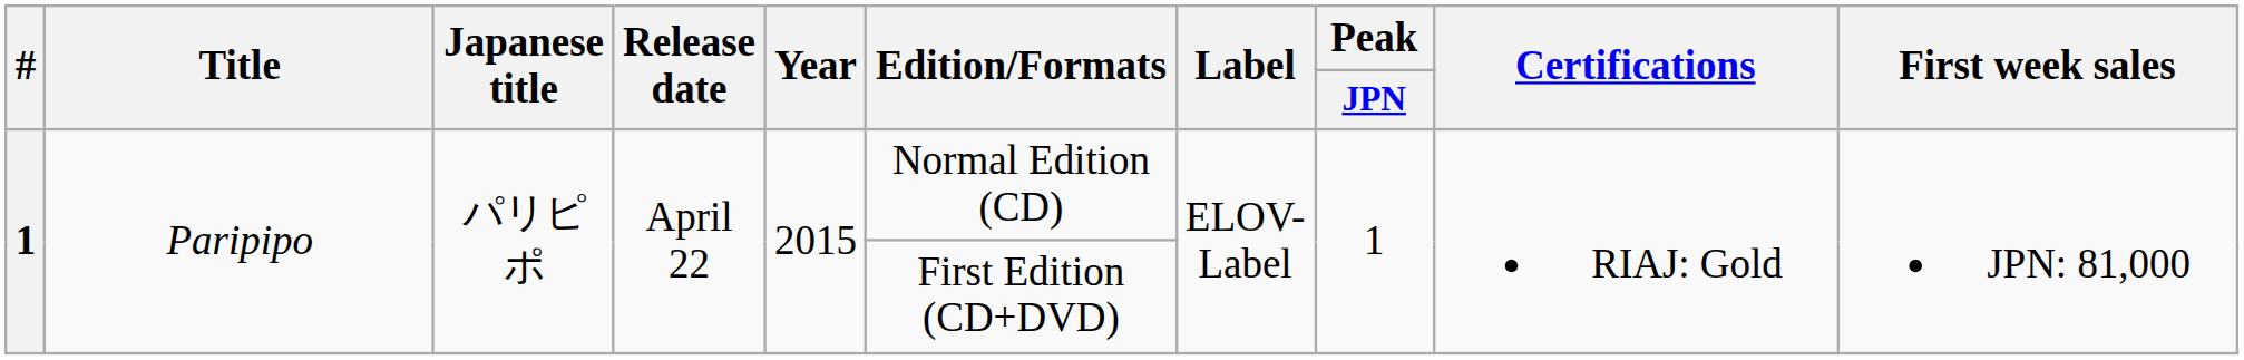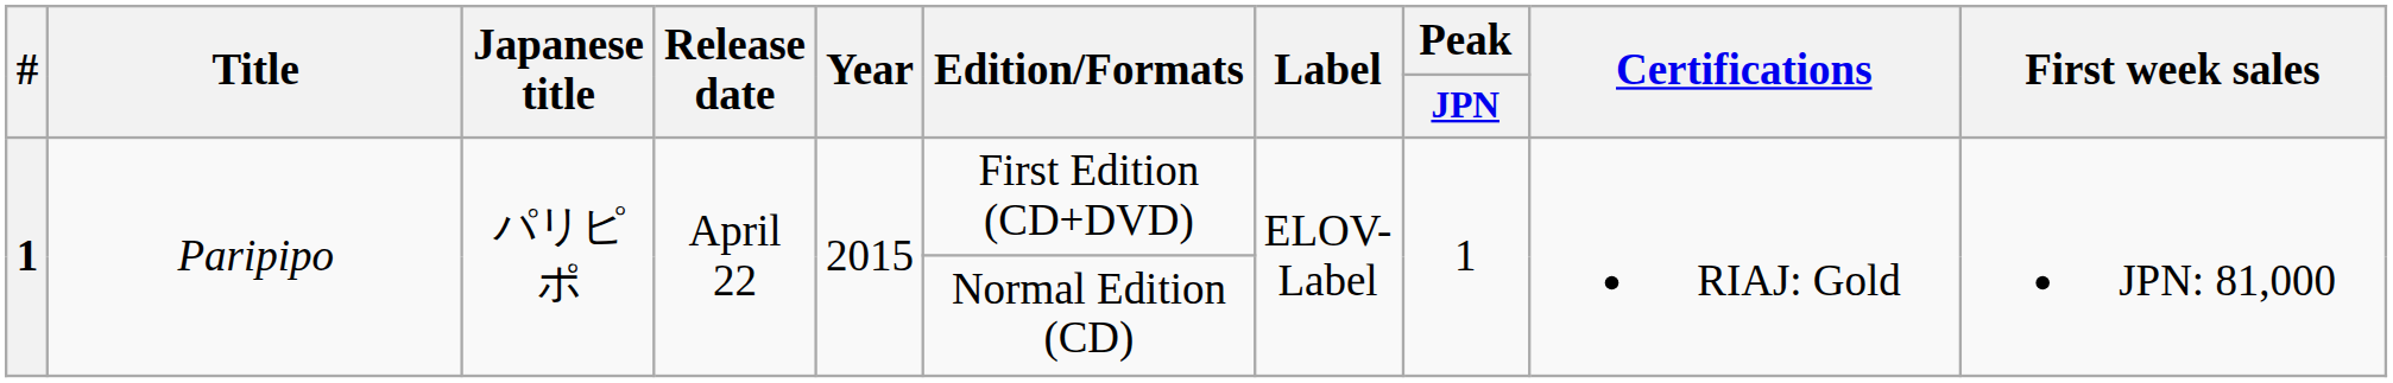 <table class="wikitable plainrowheaders" style="text-align:center;">
 <tr>
 <th rowspan="2">#</th>
 <th scope="col" rowspan="2" style="width:10em;">Title</th>
 <th rowspan="2">Japanese title</th>
 <th rowspan="2">Release date</th>
 <th rowspan="2">Year</th>
 <th rowspan="2">Edition/Formats</th>
 <th rowspan="2">Label</th>
 <th scope="col">Peak</th>
 <th scope="col" rowspan="2" style="width:10em;"><a href='#'>Certifications</a></th>
 <th scope="col" rowspan="2" style="width:10em;">First week sales</th>
 </tr>
 <tr>
 <th scope="col" style="width:3em;font-size:85%;"><a href='#'>JPN</a><br></th>
 </tr>
 <tr>
 <th rowspan="2">1</th>
 <td rowspan="2" scope="row"><em>Paripipo</em></td>
 <td rowspan="2">パリピポ</td>
 <td rowspan="2">April 22</td>
 <td rowspan="2">2015</td>
-<td>Normal Edition (CD)</td>
+<td>First Edition (CD+DVD)</td>
 <td rowspan="2">ELOV-Label</td>
 <td rowspan="2">1</td>
 <td rowspan="2"><br><ul><li>RIAJ: Gold</li></ul></td>
 <td rowspan="2"><br><ul><li>JPN: 81,000</li></ul></td>
 </tr>
 <tr>
-<td>First Edition (CD+DVD)</td>
+<td>Normal Edition (CD)</td>
 </tr>
 </table>
